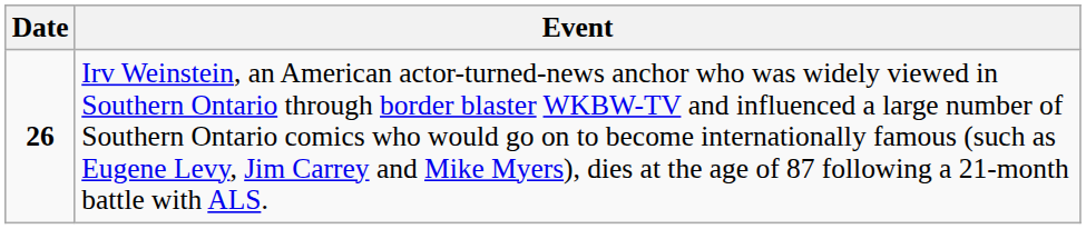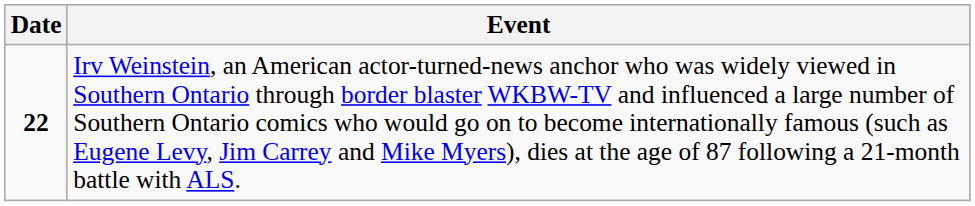 <table class="wikitable">
 <tr>
 <th>Date</th>
 <th>Event</th>
 </tr>
 <tr>
-<td style="text-align:center;"><strong>26</strong></td>
+<td style="text-align:center;"><strong>22</strong></td>
 <td><a href='#'>Irv Weinstein</a>, an American actor-turned-news anchor who was widely viewed in <a href='#'>Southern Ontario</a> through <a href='#'>border blaster</a> <a href='#'>WKBW-TV</a> and influenced a large number of Southern Ontario comics who would go on to become internationally famous (such as <a href='#'>Eugene Levy</a>, <a href='#'>Jim Carrey</a> and <a href='#'>Mike Myers</a>), dies at the age of 87 following a 21-month battle with <a href='#'>ALS</a>.</td>
 </tr>
 </table>
